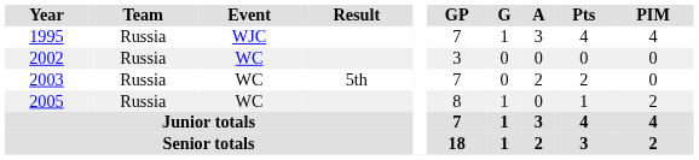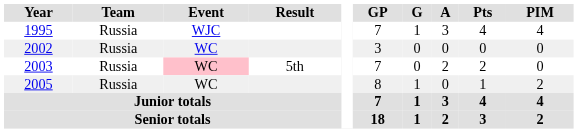 <table border="0" cellpadding="1" cellspacing="0" style="text-align:center; width:40em">
 <tr ALIGN="center" bgcolor="#e0e0e0">
 <th>Year</th>
 <th>Team</th>
 <th>Event</th>
 <th>Result</th>
 <th rowspan="99" bgcolor="#ffffff"> </th>
 <th>GP</th>
 <th>G</th>
 <th>A</th>
 <th>Pts</th>
 <th>PIM</th>
 </tr>
 <tr ALIGN="center">
 <td><a href='#'>1995</a></td>
 <td>Russia</td>
 <td><a href='#'>WJC</a></td>
 <td></td>
 <td>7</td>
 <td>1</td>
 <td>3</td>
 <td>4</td>
 <td>4</td>
 </tr>
 <tr ALIGN="center" bgcolor="#f0f0f0">
 <td><a href='#'>2002</a></td>
 <td>Russia</td>
 <td><a href='#'>WC</a></td>
 <td></td>
 <td>3</td>
 <td>0</td>
 <td>0</td>
 <td>0</td>
 <td>0</td>
 </tr>
 <tr ALIGN="center">
 <td><a href='#'>2003</a></td>
 <td>Russia</td>
-<td>WC</td>
+<td style="background: pink;">WC</td>
 <td>5th</td>
 <td>7</td>
 <td>0</td>
 <td>2</td>
 <td>2</td>
 <td>0</td>
 </tr>
 <tr ALIGN="center" bgcolor="#f0f0f0">
 <td><a href='#'>2005</a></td>
 <td>Russia</td>
 <td>WC</td>
 <td></td>
 <td>8</td>
 <td>1</td>
 <td>0</td>
 <td>1</td>
 <td>2</td>
 </tr>
 <tr ALIGN="center" bgcolor="#e0e0e0">
 <th colspan=4>Junior totals</th>
 <th>7</th>
 <th>1</th>
 <th>3</th>
 <th>4</th>
 <th>4</th>
 </tr>
 <tr ALIGN="center" bgcolor="#e0e0e0">
 <th colspan=4>Senior totals</th>
 <th>18</th>
 <th>1</th>
 <th>2</th>
 <th>3</th>
 <th>2</th>
 </tr>
 </table>
